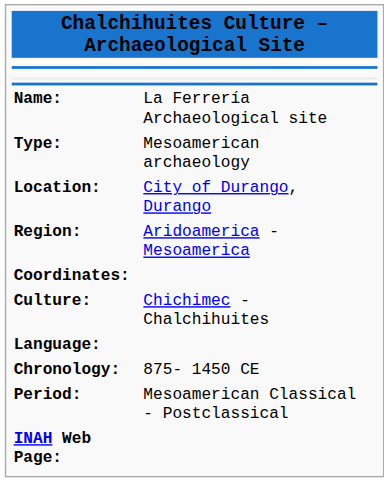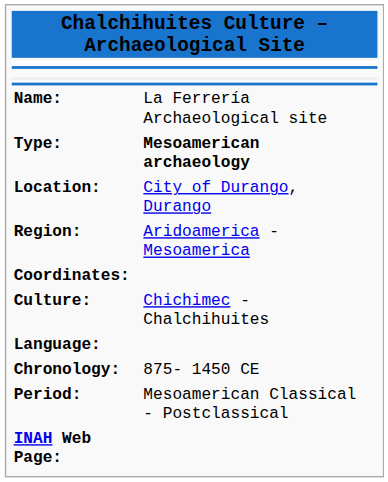 <table class="infobox" style="font-size:90%; text-align:left; width:23.5em">
 <tr>
 <td colspan="3" bgcolor=#1874CD style="text-align: center; font-size: larger;"><span><strong> Chalchihuites Culture – Archaeological Site</strong></span></td>
 </tr>
 <tr style="vertical-align: top; text-align: center;">
 <td colspan=3 bgcolor="#FFFFFF" align="center"></td>
 </tr>
 <tr>
 <td colspan="2" bgcolor=#1874CD></td>
 </tr>
 <tr>
 <td colspan=2></td>
 </tr>
 <tr>
 <td style="background:#efefef;"align="center" colspan="2"></td>
 </tr>
 <tr>
 <td colspan="2" bgcolor=#1874CD></td>
 </tr>
 <tr>
 <td><strong>Name:</strong></td>
 <td><span> La Ferrería Archaeological site</span></td>
 </tr>
 <tr>
 <td><strong>Type:</strong></td>
-<td>Mesoamerican archaeology</td>
+<td><strong>Mesoamerican archaeology</strong></td>
 </tr>
 <tr>
 <td><strong>Location:</strong></td>
 <td><a href='#'>City of Durango</a>, <a href='#'>Durango</a> <br></td>
 </tr>
 <tr>
 <td><strong>Region:</strong></td>
 <td><a href='#'>Aridoamerica</a> - <a href='#'>Mesoamerica</a></td>
 </tr>
 <tr>
 <td><strong>Coordinates:</strong></td>
 <td></td>
 </tr>
 <tr>
 <td><strong>Culture:</strong></td>
 <td><a href='#'>Chichimec</a> - Chalchihuites</td>
 </tr>
 <tr>
 <td><strong>Language:</strong></td>
 <td></td>
 </tr>
 <tr>
 <td><strong>Chronology:</strong></td>
 <td>875- 1450 CE</td>
 </tr>
 <tr>
 <td><strong>Period:</strong></td>
 <td>Mesoamerican Classical - Postclassical</td>
 </tr>
 <tr>
 <td><strong><a href='#'>INAH</a> Web Page:</strong></td>
 <td></td>
 </tr>
 </table>
